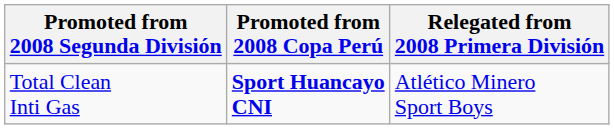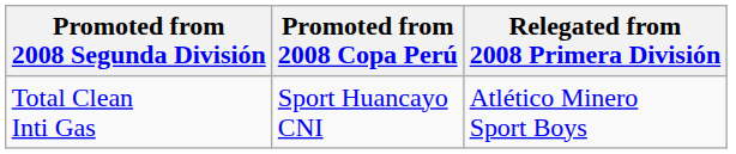 <table class="wikitable">
 <tr>
 <th>Promoted from<br><a href='#'>2008 Segunda División</a></th>
 <th>Promoted from<br><a href='#'>2008 Copa Perú</a></th>
 <th>Relegated from<br><a href='#'>2008 Primera División</a></th>
 </tr>
 <tr>
 <td> <a href='#'>Total Clean</a> <br> <a href='#'>Inti Gas</a> </td>
-<td><strong> <a href='#'>Sport Huancayo</a> <br> <a href='#'>CNI</a> </strong></td>
+<td> <a href='#'>Sport Huancayo</a> <br> <a href='#'>CNI</a> </td>
 <td> <a href='#'>Atlético Minero</a> <br> <a href='#'>Sport Boys</a> </td>
 </tr>
 </table>
